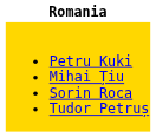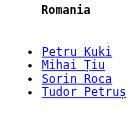 <table>
 <tr>
 <th>Romania</th>
 </tr>
 <tr>
-<td style="background: gold;"><br><ul><li><a href='#'>Petru Kuki</a></li><li><a href='#'>Mihai Țiu</a></li><li><a href='#'>Sorin Roca</a></li><li><a href='#'>Tudor Petruș</a></li></ul></td>
+<td><br><ul><li><a href='#'>Petru Kuki</a></li><li><a href='#'>Mihai Țiu</a></li><li><a href='#'>Sorin Roca</a></li><li><a href='#'>Tudor Petruș</a></li></ul></td>
 </tr>
 </table>
